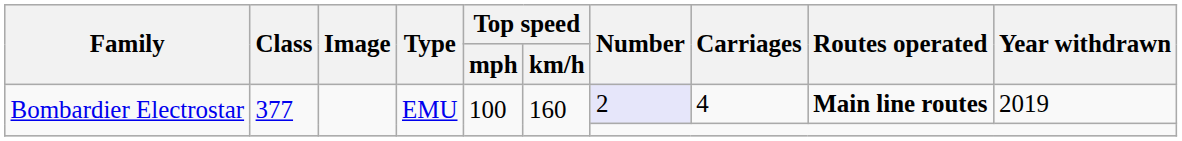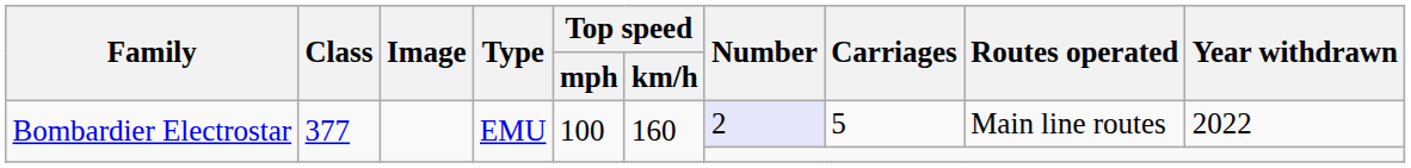 <table class="wikitable">
 <tr style="background:#f9f9f9;">
 <th rowspan="2">Family</th>
 <th rowspan="2">Class</th>
 <th rowspan="2">Image</th>
 <th rowspan="2">Type</th>
 <th colspan="2">Top speed</th>
 <th rowspan="2">Number</th>
 <th rowspan="2">Carriages</th>
 <th rowspan="2">Routes operated</th>
 <th rowspan="2">Year withdrawn</th>
 </tr>
 <tr style="background:#f9f9f9;">
 <th>mph</th>
 <th>km/h</th>
 </tr>
 <tr>
 <td rowspan="2"><a href='#'>Bombardier Electrostar</a></td>
 <td rowspan="2"><a href='#'>377</a></td>
 <td rowspan="2"></td>
 <td rowspan="2"><a href='#'>EMU</a></td>
 <td rowspan="2">100</td>
 <td rowspan="2">160</td>
 <td style="background: lavender;">2</td>
-<td>4</td>
-<td><strong>Main line routes</strong></td>
-<td>2019</td>
+<td>5</td>
+<td>Main line routes</td>
+<td>2022</td>
 </tr>
 <tr>
 <td colspan="4"></td>
 </tr>
 </table>
